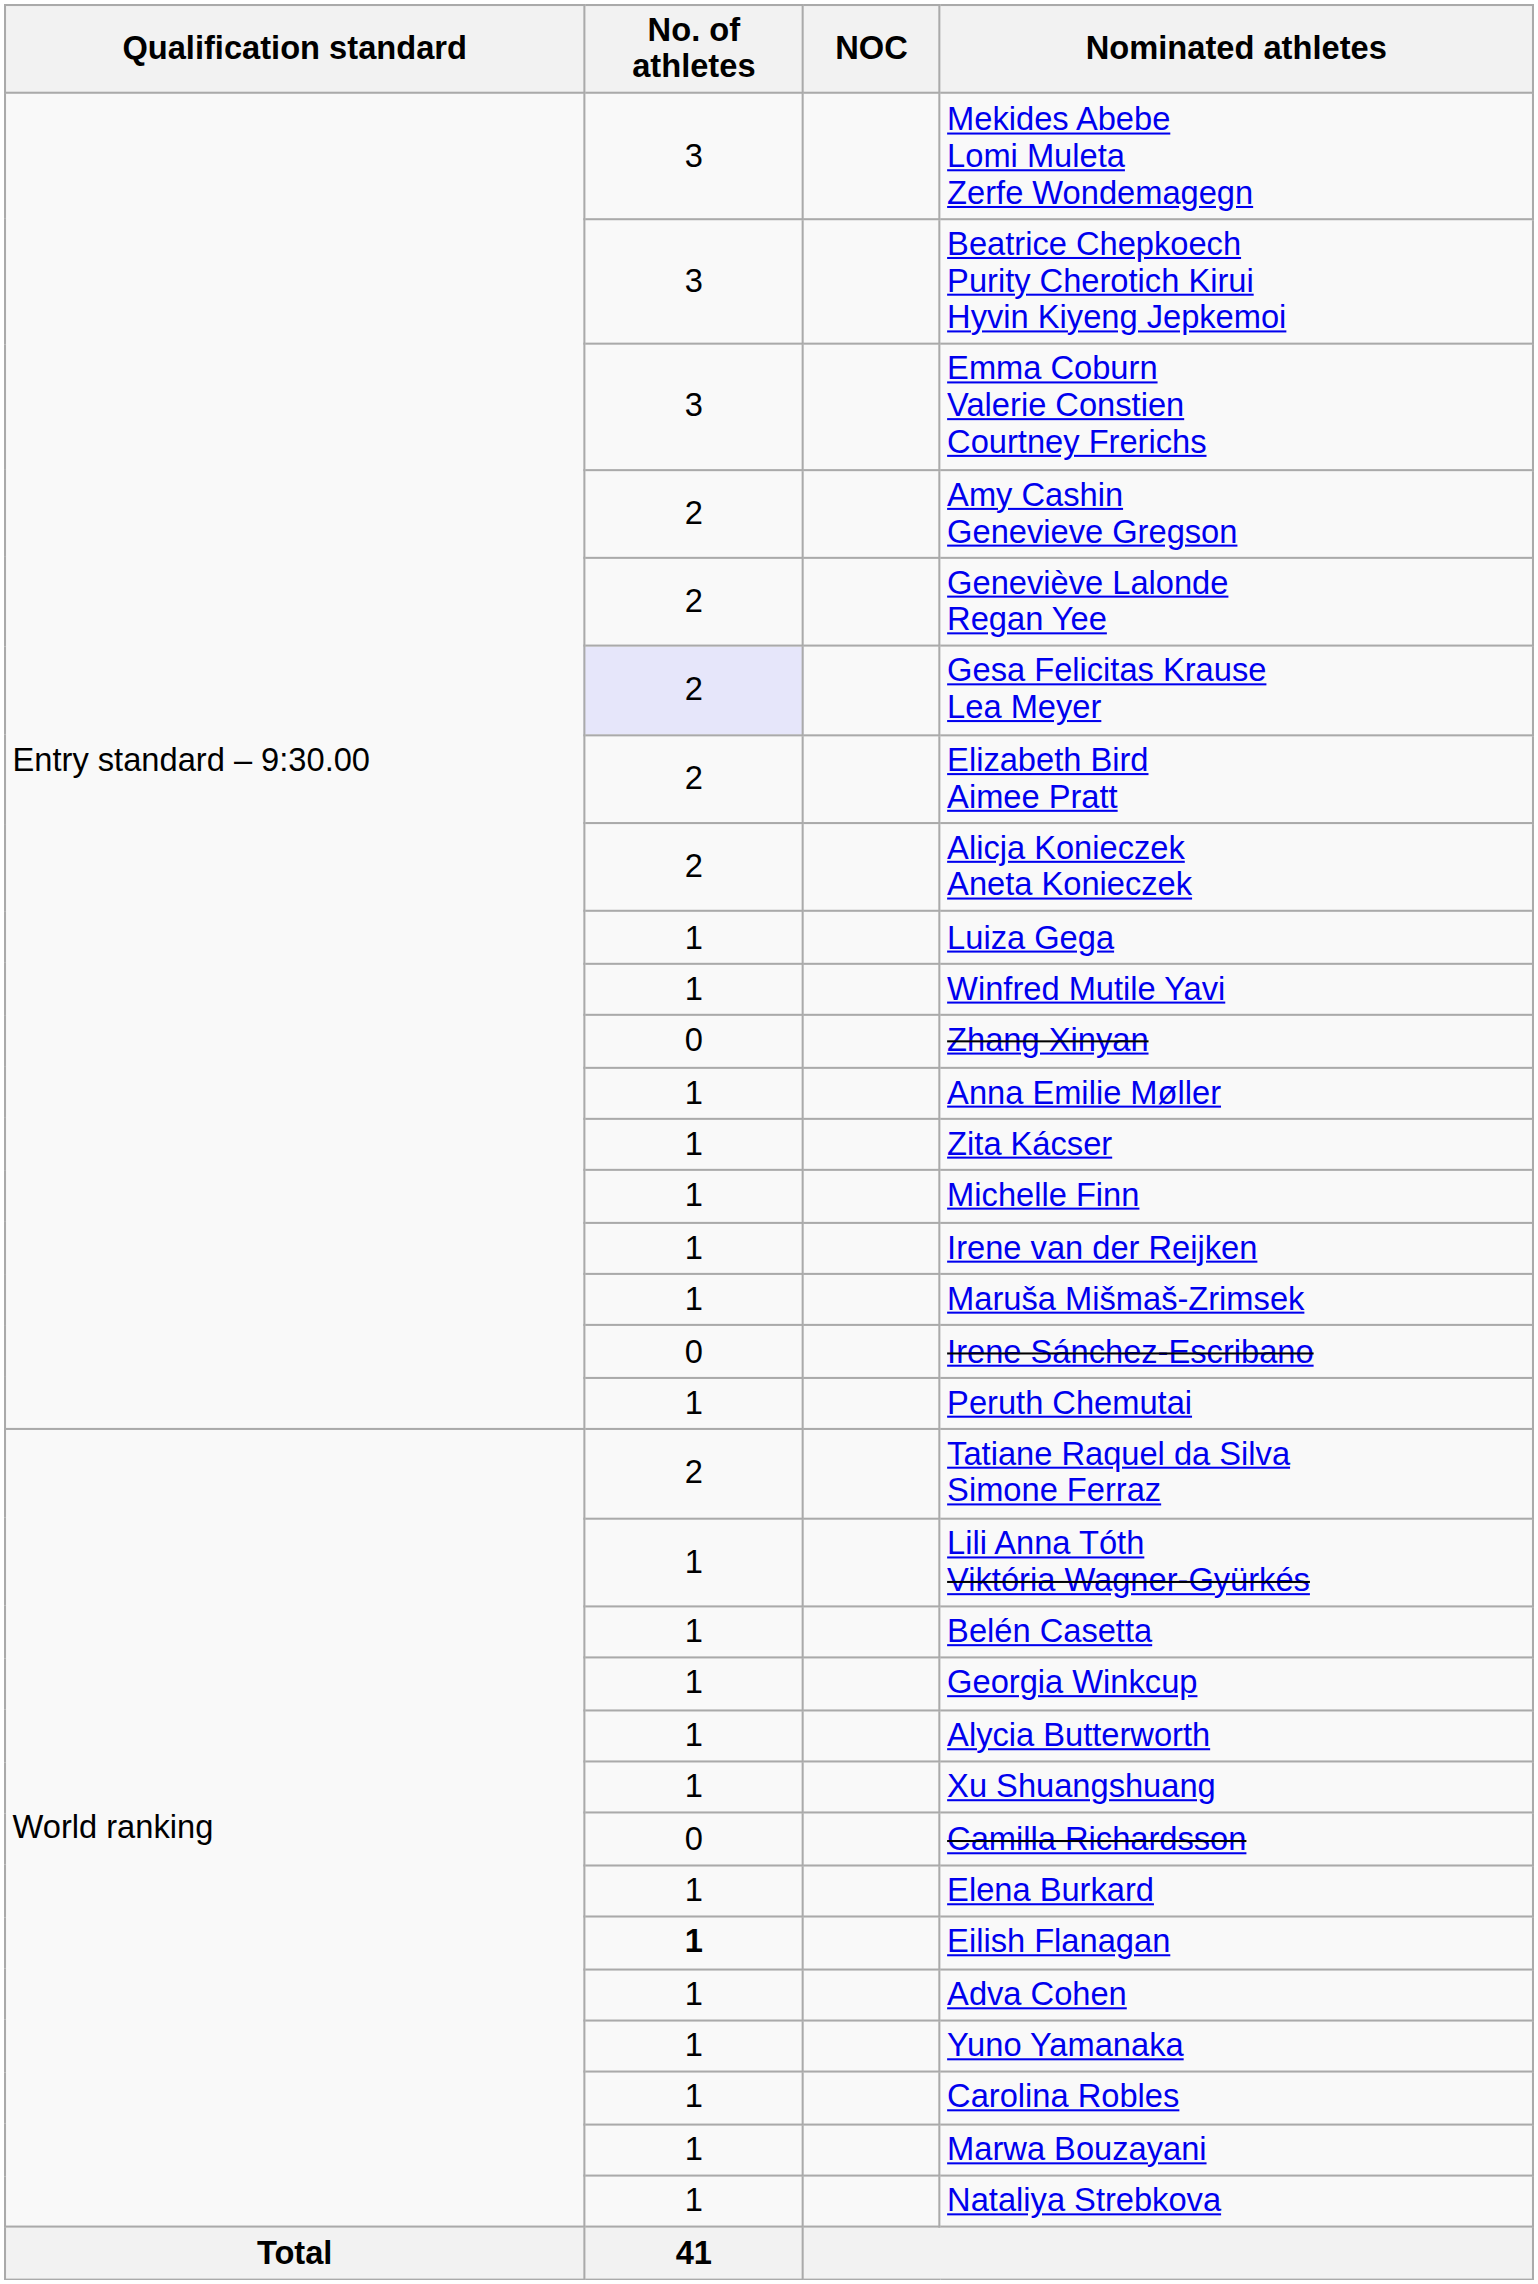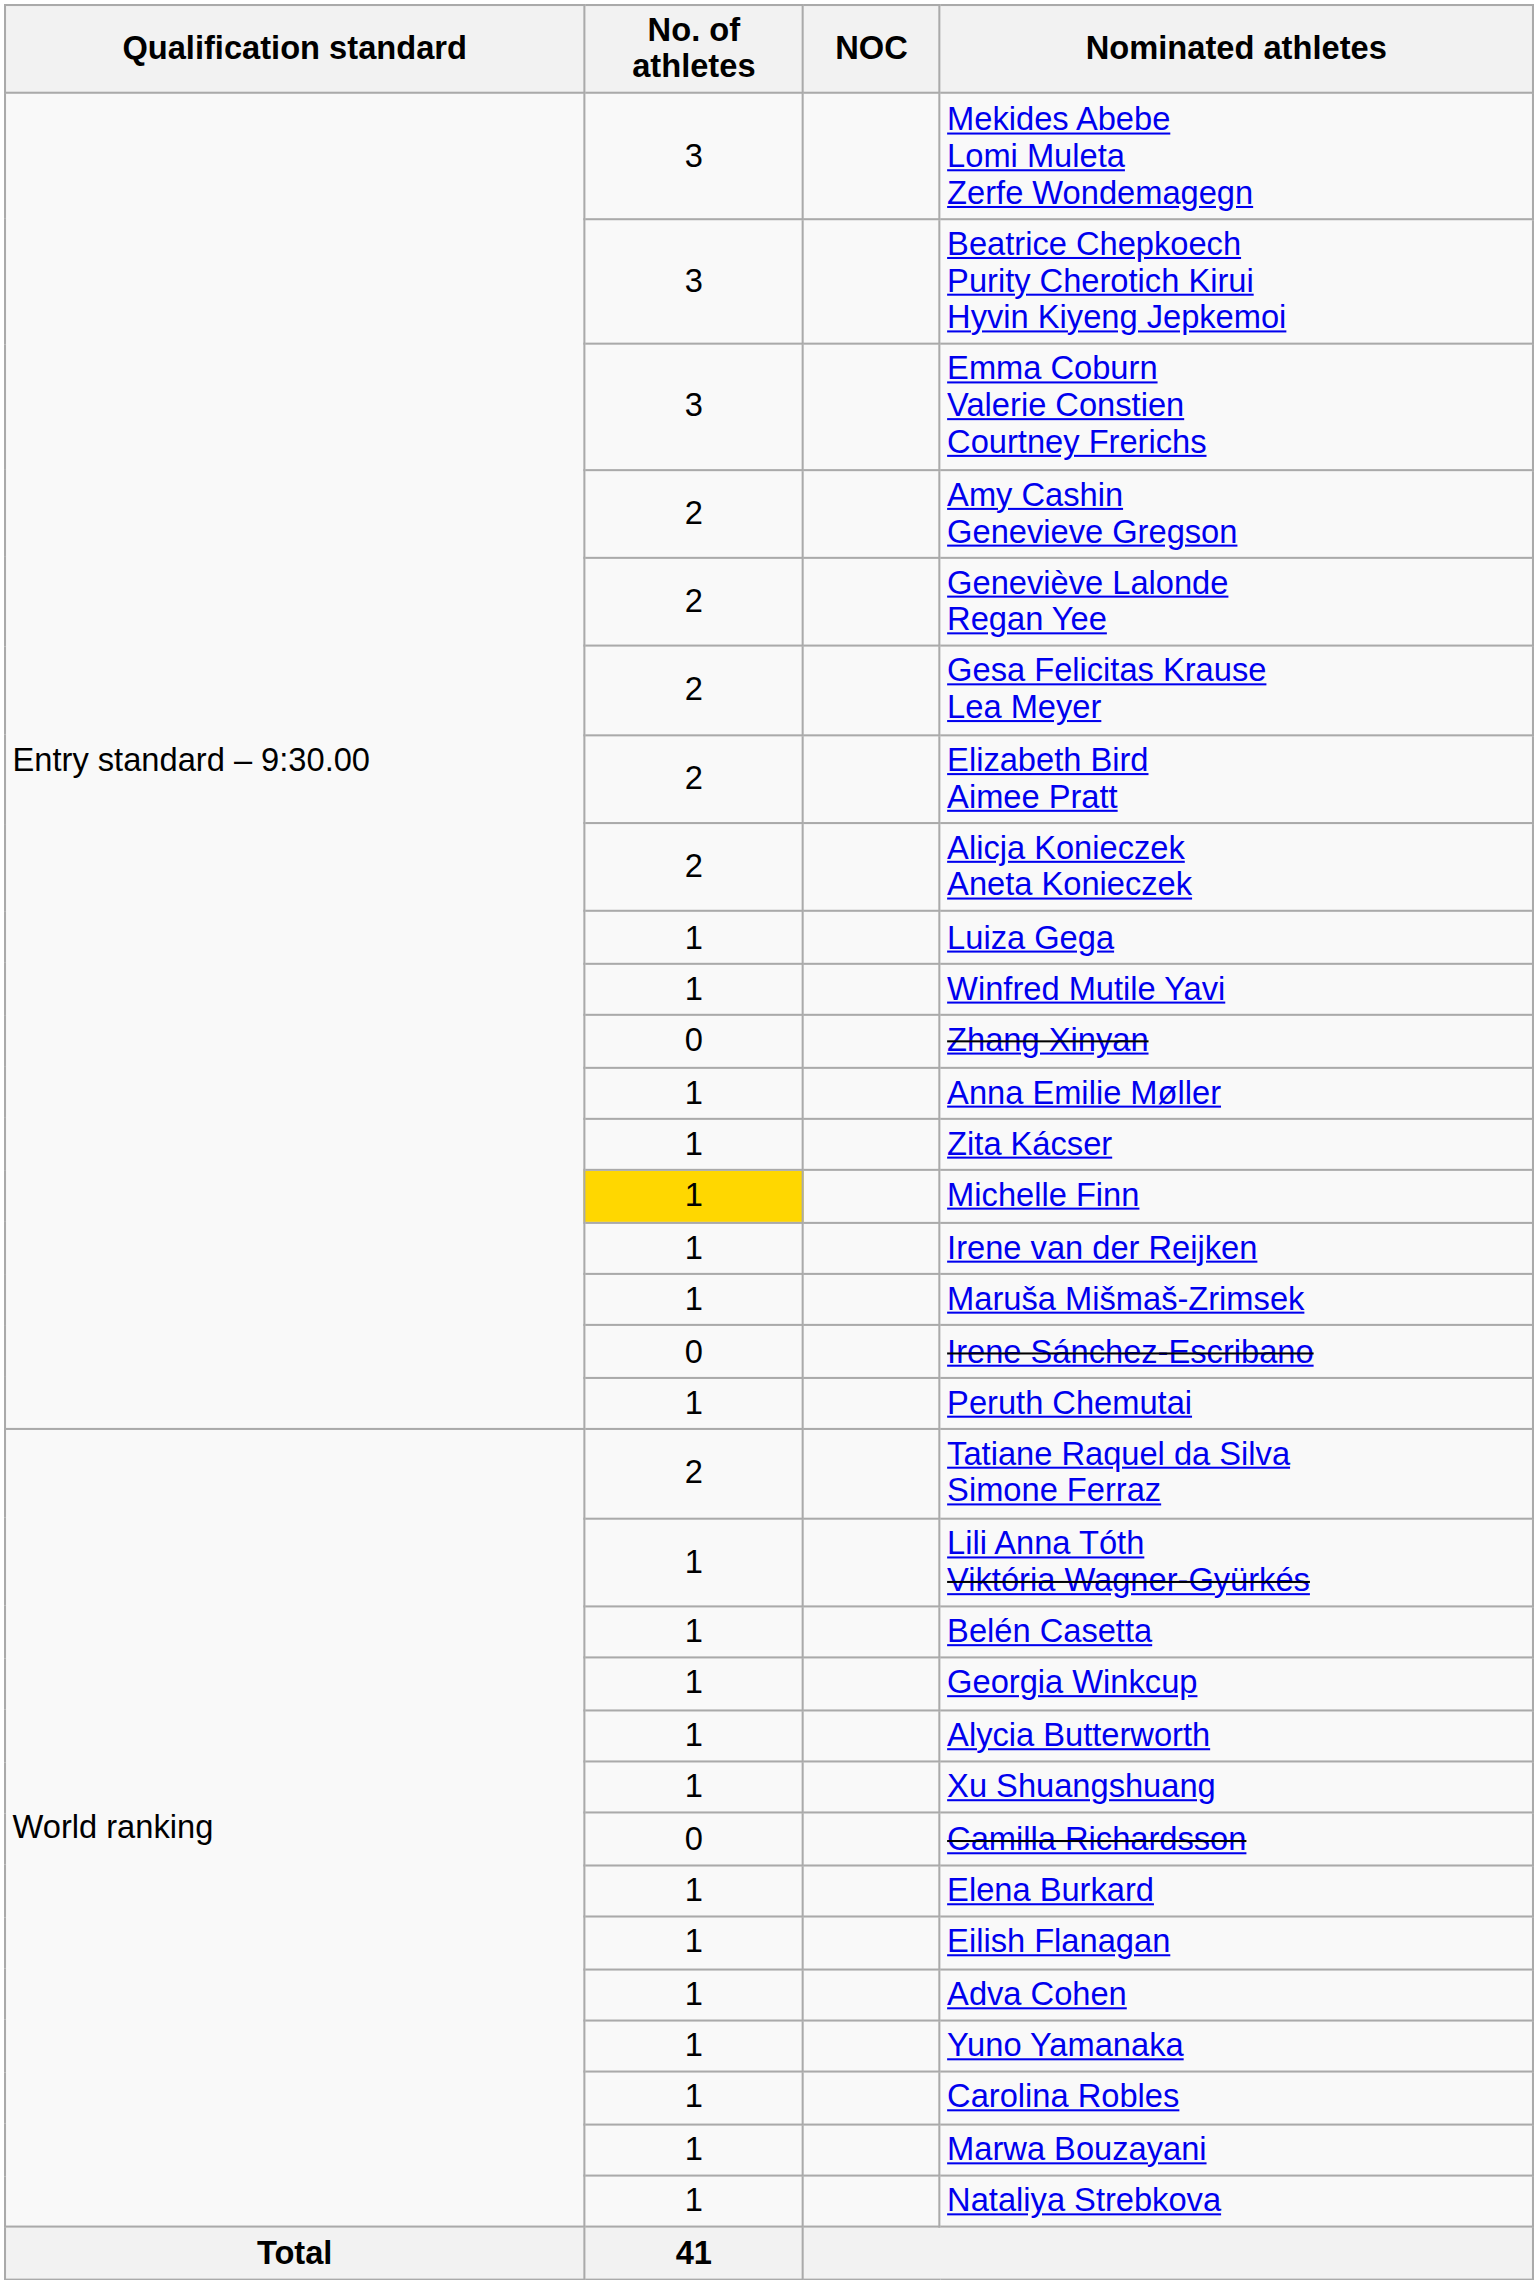 <table class="wikitable" style="text-align:left; width:750px;">
 <tr>
 <th>Qualification standard</th>
 <th width=100>No. of athletes</th>
 <th>NOC</th>
 <th>Nominated athletes</th>
 </tr>
 <tr>
 <td rowspan=18>Entry standard – 9:30.00</td>
 <td align=center>3</td>
 <td></td>
 <td><a href='#'>Mekides Abebe</a><br><a href='#'>Lomi Muleta</a><br><a href='#'>Zerfe Wondemagegn</a></td>
 </tr>
 <tr>
 <td align=center>3</td>
 <td></td>
 <td><a href='#'>Beatrice Chepkoech</a><br><a href='#'>Purity Cherotich Kirui</a><br><a href='#'>Hyvin Kiyeng Jepkemoi</a></td>
 </tr>
 <tr>
 <td align=center>3</td>
 <td></td>
 <td><a href='#'>Emma Coburn</a><br><a href='#'>Valerie Constien</a><br><a href='#'>Courtney Frerichs</a></td>
 </tr>
 <tr>
 <td align=center>2</td>
 <td></td>
 <td><a href='#'>Amy Cashin</a><br><a href='#'>Genevieve Gregson</a></td>
 </tr>
 <tr>
 <td align=center>2</td>
 <td></td>
 <td><a href='#'>Geneviève Lalonde</a><br><a href='#'>Regan Yee</a></td>
 </tr>
 <tr>
-<td align=center style="background: lavender;">2</td>
+<td align=center>2</td>
 <td></td>
 <td><a href='#'>Gesa Felicitas Krause</a><br><a href='#'>Lea Meyer</a></td>
 </tr>
 <tr>
 <td align=center>2</td>
 <td></td>
 <td><a href='#'>Elizabeth Bird</a><br><a href='#'>Aimee Pratt</a></td>
 </tr>
 <tr>
 <td align=center>2</td>
 <td></td>
 <td><a href='#'>Alicja Konieczek</a><br><a href='#'>Aneta Konieczek</a></td>
 </tr>
 <tr>
 <td align=center>1</td>
 <td></td>
 <td><a href='#'>Luiza Gega</a></td>
 </tr>
 <tr>
 <td align=center>1</td>
 <td></td>
 <td><a href='#'>Winfred Mutile Yavi</a></td>
 </tr>
 <tr>
 <td align=center>0</td>
 <td></td>
 <td><s><a href='#'>Zhang Xinyan</a></s></td>
 </tr>
 <tr>
 <td align=center>1</td>
 <td></td>
 <td><a href='#'>Anna Emilie Møller</a></td>
 </tr>
 <tr>
 <td align=center>1</td>
 <td></td>
 <td><a href='#'>Zita Kácser</a></td>
 </tr>
 <tr>
-<td align=center>1</td>
+<td align=center style="background: gold;">1</td>
 <td></td>
 <td><a href='#'>Michelle Finn</a></td>
 </tr>
 <tr>
 <td align=center>1</td>
 <td></td>
 <td><a href='#'>Irene van der Reijken</a></td>
 </tr>
 <tr>
 <td align=center>1</td>
 <td></td>
 <td><a href='#'>Maruša Mišmaš-Zrimsek</a></td>
 </tr>
 <tr>
 <td align=center>0</td>
 <td></td>
 <td><s><a href='#'>Irene Sánchez-Escribano</a></s></td>
 </tr>
 <tr>
 <td align=center>1</td>
 <td></td>
 <td><a href='#'>Peruth Chemutai</a></td>
 </tr>
 <tr>
 <td rowspan=14>World ranking</td>
 <td align=center>2</td>
 <td></td>
 <td><a href='#'>Tatiane Raquel da Silva</a><br><a href='#'>Simone Ferraz</a></td>
 </tr>
 <tr>
 <td align=center>1</td>
 <td></td>
 <td><a href='#'>Lili Anna Tóth</a><br><s><a href='#'>Viktória Wagner-Gyürkés</a></s></td>
 </tr>
 <tr>
 <td align=center>1</td>
 <td></td>
 <td><a href='#'>Belén Casetta</a></td>
 </tr>
 <tr>
 <td align=center>1</td>
 <td></td>
 <td><a href='#'>Georgia Winkcup</a></td>
 </tr>
 <tr>
 <td align=center>1</td>
 <td></td>
 <td><a href='#'>Alycia Butterworth</a></td>
 </tr>
 <tr>
 <td align=center>1</td>
 <td></td>
 <td><a href='#'>Xu Shuangshuang</a></td>
 </tr>
 <tr>
 <td align=center>0</td>
 <td></td>
 <td><s><a href='#'>Camilla Richardsson</a></s></td>
 </tr>
 <tr>
 <td align=center>1</td>
 <td></td>
 <td><a href='#'>Elena Burkard</a></td>
 </tr>
 <tr>
-<td align=center><strong>1</strong></td>
+<td align=center>1</td>
 <td></td>
 <td><a href='#'>Eilish Flanagan</a></td>
 </tr>
 <tr>
 <td align=center>1</td>
 <td></td>
 <td><a href='#'>Adva Cohen</a></td>
 </tr>
 <tr>
 <td align=center>1</td>
 <td></td>
 <td><a href='#'>Yuno Yamanaka</a></td>
 </tr>
 <tr>
 <td align=center>1</td>
 <td></td>
 <td><a href='#'>Carolina Robles</a></td>
 </tr>
 <tr>
 <td align=center>1</td>
 <td></td>
 <td><a href='#'>Marwa Bouzayani</a></td>
 </tr>
 <tr>
 <td align=center>1</td>
 <td></td>
 <td><a href='#'>Nataliya Strebkova</a></td>
 </tr>
 <tr>
 <th>Total</th>
 <th>41</th>
 <th colspan=2></th>
 </tr>
 </table>
